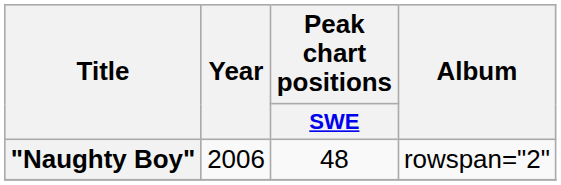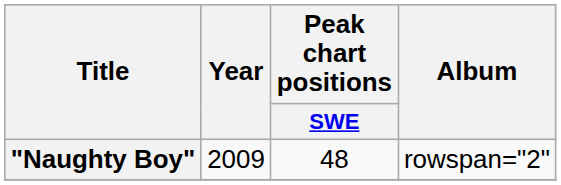 <table class="wikitable plainrowheaders" style="text-align:center;">
 <tr>
 <th scope="col" rowspan="2">Title</th>
 <th scope="col" rowspan="2">Year</th>
 <th scope="col" colspan="1">Peak chart positions</th>
 <th scope="col" rowspan="2">Album</th>
 </tr>
 <tr>
 <th scope="col" style="width:3em;font-size:85%;"><a href='#'>SWE</a></th>
 </tr>
 <tr>
 <th scope="row">"Naughty Boy"</th>
-<td>2006</td>
+<td>2009</td>
 <td>48</td>
 <td>rowspan="2" </td>
 </tr>
 <tr>
 </tr>
 </table>
